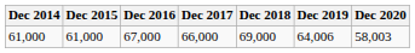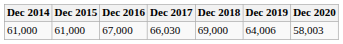 <table class="wikitable">
 <tr>
 <th>Dec 2014</th>
 <th>Dec 2015</th>
 <th>Dec 2016</th>
 <th>Dec 2017</th>
 <th>Dec 2018</th>
 <th>Dec 2019</th>
 <th>Dec 2020</th>
 </tr>
 <tr>
 <td>61,000</td>
 <td>61,000</td>
 <td>67,000</td>
-<td>66,000</td>
+<td>66,030</td>
 <td>69,000</td>
 <td>64,006</td>
 <td>58,003</td>
 </tr>
 </table>
